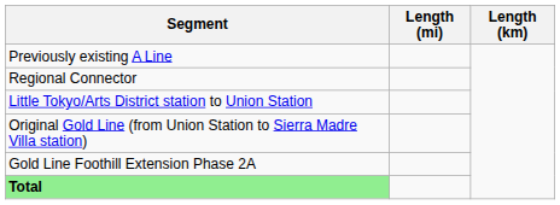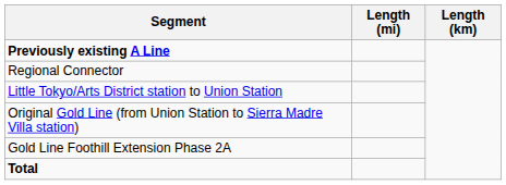 <table class="wikitable">
 <tr>
 <th>Segment</th>
 <th>Length (mi)</th>
 <th>Length (km)</th>
 </tr>
 <tr>
-<td>Previously existing <a href='#'>A Line</a></td>
+<td><strong>Previously existing <a href='#'>A Line</a></strong></td>
 <td></td>
 </tr>
 <tr>
 <td>Regional Connector</td>
 <td></td>
 </tr>
 <tr>
 <td><a href='#'>Little Tokyo/Arts District station</a> to <a href='#'>Union Station</a></td>
 <td></td>
 </tr>
 <tr>
 <td>Original <a href='#'>Gold Line</a> (from Union Station to <a href='#'>Sierra Madre Villa station</a>)</td>
 <td></td>
 </tr>
 <tr>
 <td>Gold Line Foothill Extension Phase 2A</td>
 <td></td>
 </tr>
 <tr>
-<td style="background: lightgreen;"><strong>Total</strong></td>
+<td><strong>Total</strong></td>
 <td></td>
 </tr>
 </table>
